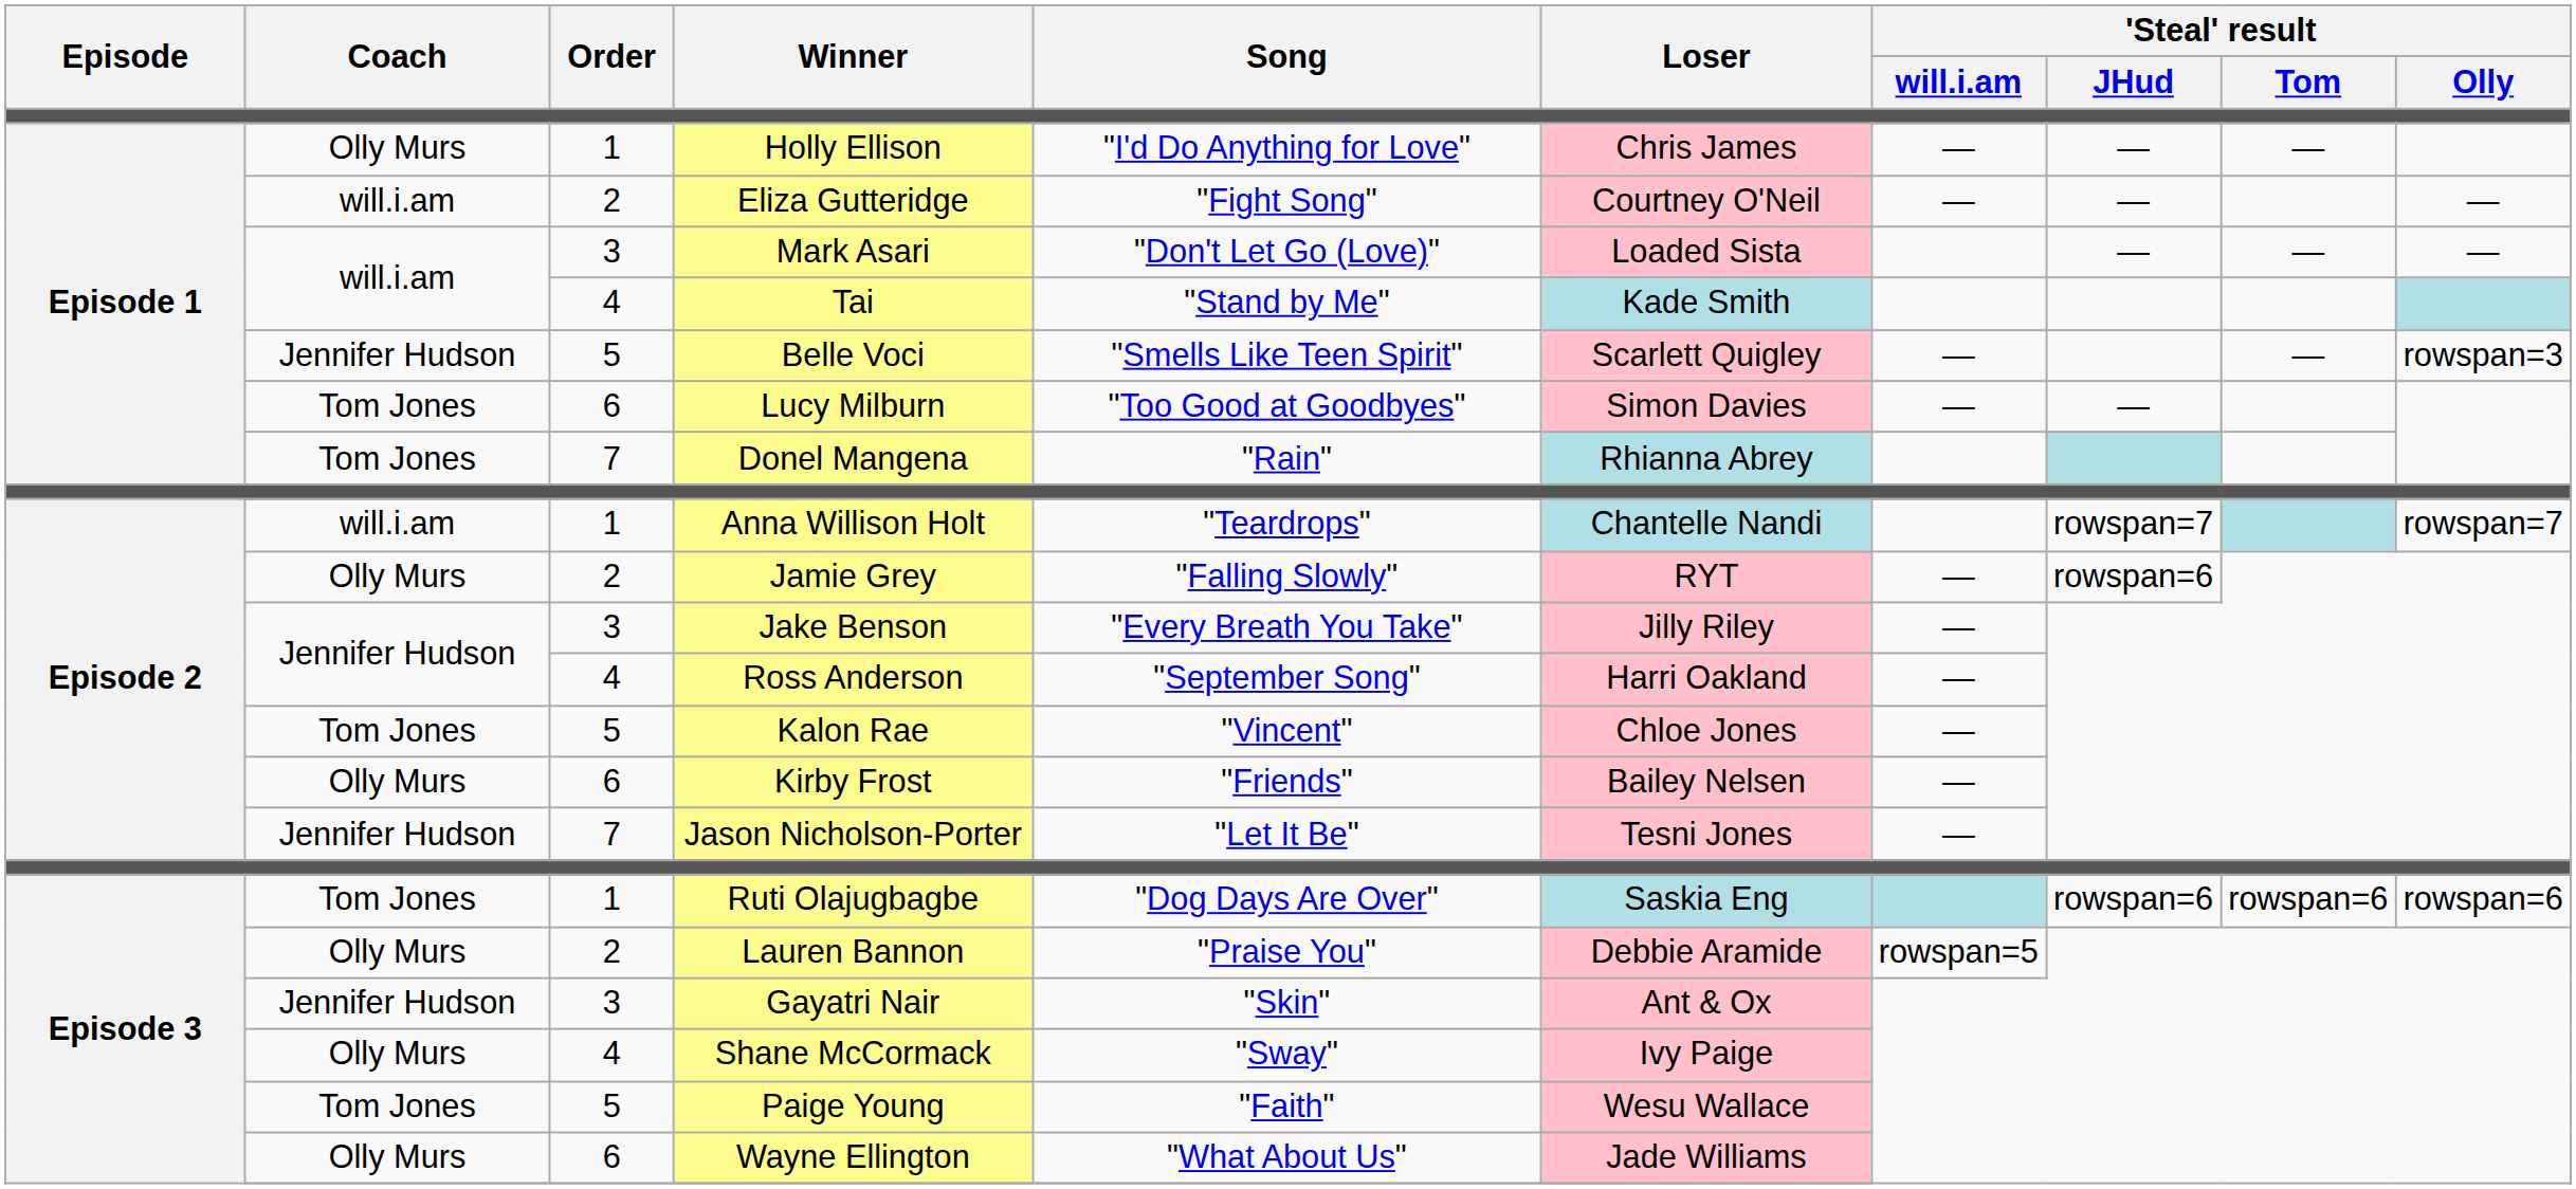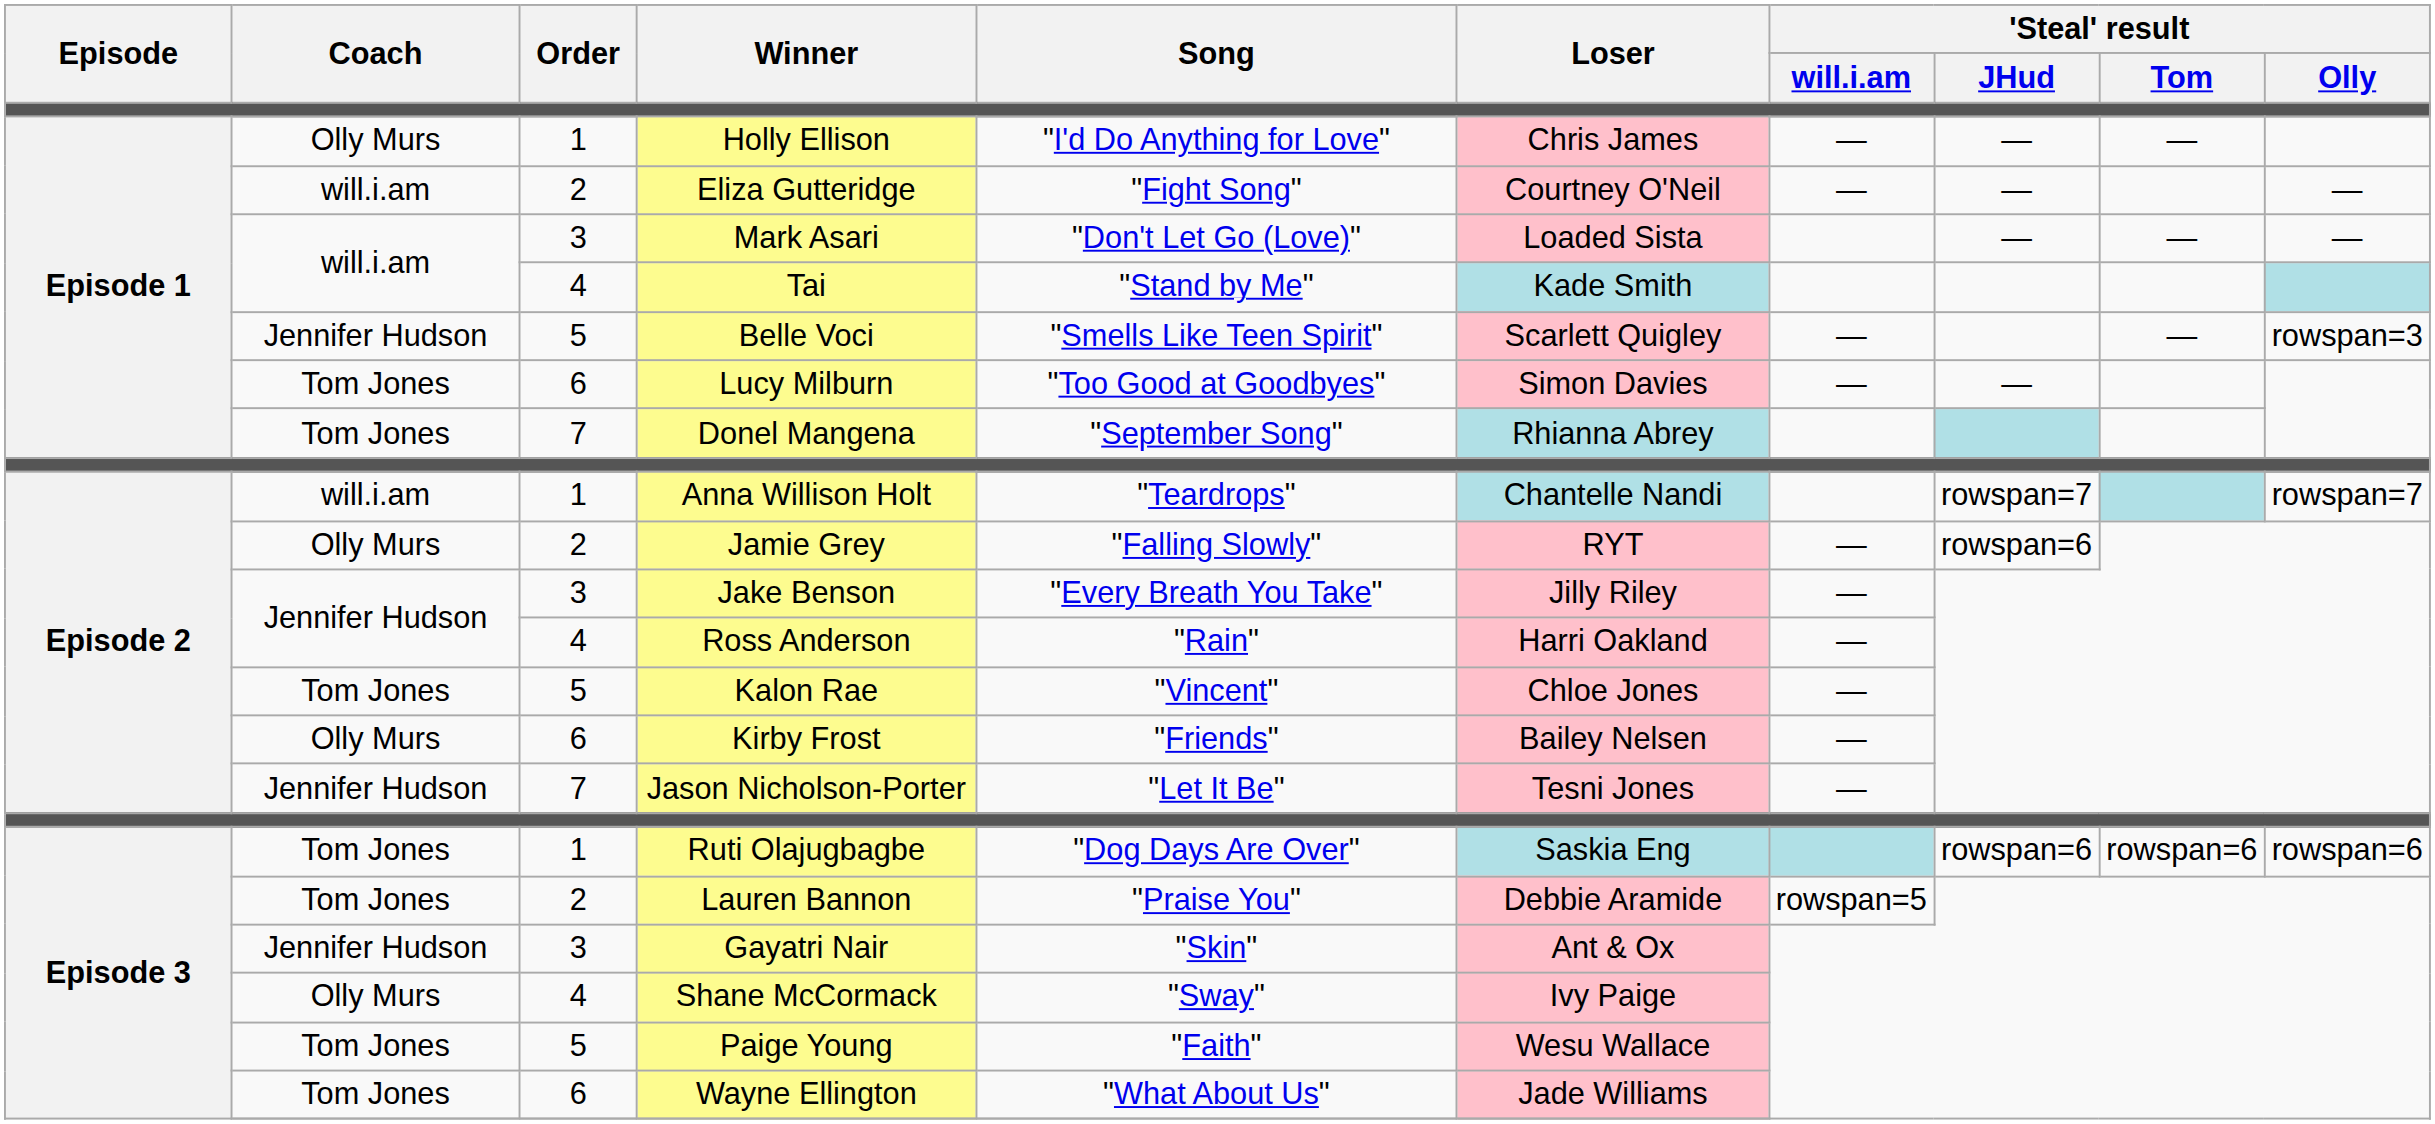 <table class="wikitable" style="text-align: center; width:100%;">
 <tr>
 <th rowspan="2" width="10%">Episode</th>
 <th rowspan="2" width="13%">Coach</th>
 <th rowspan="2" width="05%">Order</th>
 <th rowspan="2" width="15%">Winner</th>
 <th rowspan="2" width="22%">Song</th>
 <th rowspan="2" width="14%">Loser</th>
 <th colspan="4" width="20%">'Steal' result</th>
 </tr>
 <tr>
 <th style="width:05%;"><a href='#'>will.i.am</a></th>
 <th style="width:05%;"><a href='#'>JHud</a></th>
 <th style="width:05%;"><a href='#'>Tom</a></th>
 <th style="width:05%;"><a href='#'>Olly</a></th>
 </tr>
 <tr>
 <td colspan="10" style="background:#555555;"></td>
 </tr>
 <tr>
 <th rowspan="7">Episode 1<br><small></small></th>
 <td>Olly Murs</td>
 <td>1</td>
 <td style="background:#fdfc8f;text-align:center;">Holly Ellison</td>
 <td>"<a href='#'>I'd Do Anything for Love</a>"</td>
 <td style="background:pink;text-align:center;">Chris James</td>
 <td>—</td>
 <td>—</td>
 <td>—</td>
 <td></td>
 </tr>
 <tr>
 <td>will.i.am</td>
 <td>2</td>
 <td style="background:#fdfc8f;text-align:center;">Eliza Gutteridge</td>
 <td>"<a href='#'>Fight Song</a>"</td>
 <td style="background:pink;text-align:center;">Courtney O'Neil</td>
 <td>—</td>
 <td>—</td>
 <td></td>
 <td>—</td>
 </tr>
 <tr>
 <td rowspan=2>will.i.am</td>
 <td>3</td>
 <td style="background:#fdfc8f;text-align:center;">Mark Asari</td>
 <td>"<a href='#'>Don't Let Go (Love)</a>"</td>
 <td style="background:pink;text-align:center;">Loaded Sista</td>
 <td></td>
 <td>—</td>
 <td>—</td>
 <td>—</td>
 </tr>
 <tr>
 <td>4</td>
 <td style="background:#fdfc8f;text-align:center;">Tai</td>
 <td>"<a href='#'>Stand by Me</a>"</td>
 <td style="background:#b0e0e6;text-align:center;">Kade Smith</td>
 <td></td>
 <td><strong></strong></td>
 <td><strong></strong></td>
 <td style="background:#b0e0e6"><strong></strong></td>
 </tr>
 <tr>
 <td>Jennifer Hudson</td>
 <td>5</td>
 <td style="background:#fdfc8f;text-align:center;">Belle Voci</td>
 <td>"<a href='#'>Smells Like Teen Spirit</a>"</td>
 <td style="background:pink;text-align:center;">Scarlett Quigley</td>
 <td>—</td>
 <td></td>
 <td>—</td>
 <td>rowspan=3 </td>
 </tr>
 <tr>
 <td>Tom Jones</td>
 <td>6</td>
 <td style="background:#fdfc8f;text-align:center;">Lucy Milburn</td>
 <td>"<a href='#'>Too Good at Goodbyes</a>"</td>
 <td style="background:pink;text-align:center;">Simon Davies</td>
 <td>—</td>
 <td>—</td>
 <td></td>
 </tr>
 <tr>
 <td>Tom Jones</td>
 <td>7</td>
 <td style="background:#fdfc8f;text-align:center;">Donel Mangena</td>
-<td>"<a href='#'>Rain</a>"</td>
+<td>"<a href='#'>September Song</a>"</td>
 <td style="background:#b0e0e6;text-align:center;">Rhianna Abrey</td>
 <td></td>
 <td style="background:#b0e0e6"><strong></strong></td>
 <td><strong></strong></td>
 </tr>
 <tr>
 <td colspan="10" style="background:#555555;"></td>
 </tr>
 <tr>
 <th rowspan="7">Episode 2<br><small></small></th>
 <td>will.i.am</td>
 <td>1</td>
 <td style="background:#fdfc8f;text-align:center;">Anna Willison Holt</td>
 <td>"<a href='#'>Teardrops</a>"</td>
 <td style="background:#b0e0e6;text-align:center;">Chantelle Nandi</td>
 <td></td>
 <td>rowspan=7 </td>
 <td style="background:#b0e0e6"><strong></strong></td>
 <td>rowspan=7 </td>
 </tr>
 <tr>
 <td>Olly Murs</td>
 <td>2</td>
 <td style="background:#fdfc8f;text-align:center;">Jamie Grey</td>
 <td>"<a href='#'>Falling Slowly</a>"</td>
 <td style="background:pink;text-align:center;">RYT</td>
 <td>—</td>
 <td>rowspan=6 </td>
 </tr>
 <tr>
 <td rowspan=2>Jennifer Hudson</td>
 <td>3</td>
 <td style="background:#fdfc8f;text-align:center;">Jake Benson</td>
 <td>"<a href='#'>Every Breath You Take</a>"</td>
 <td style="background:pink;text-align:center;">Jilly Riley</td>
 <td>—</td>
 </tr>
 <tr>
 <td>4</td>
 <td style="background:#fdfc8f;text-align:center;">Ross Anderson</td>
-<td>"<a href='#'>September Song</a>"</td>
+<td>"<a href='#'>Rain</a>"</td>
 <td style="background:pink;text-align:center;">Harri Oakland</td>
 <td>—</td>
 </tr>
 <tr>
 <td>Tom Jones</td>
 <td>5</td>
 <td style="background:#fdfc8f;text-align:center;">Kalon Rae</td>
 <td>"<a href='#'>Vincent</a>"</td>
 <td style="background:pink;text-align:center;">Chloe Jones</td>
 <td>—</td>
 </tr>
 <tr>
 <td>Olly Murs</td>
 <td>6</td>
 <td style="background:#fdfc8f;text-align:center;">Kirby Frost</td>
 <td>"<a href='#'>Friends</a>"</td>
 <td style="background:pink;text-align:center;">Bailey Nelsen</td>
 <td>—</td>
 </tr>
 <tr>
 <td>Jennifer Hudson</td>
 <td>7</td>
 <td style="background:#fdfc8f;text-align:center;">Jason Nicholson-Porter</td>
 <td>"<a href='#'>Let It Be</a>"</td>
 <td style="background:pink;text-align:center;">Tesni Jones</td>
 <td>—</td>
 </tr>
 <tr>
 <td colspan="10" style="background:#555555;"></td>
 </tr>
 <tr>
 <th rowspan="7">Episode 3<br><small></small></th>
 <td>Tom Jones</td>
 <td>1</td>
 <td style="background:#fdfc8f;text-align:center;">Ruti Olajugbagbe</td>
 <td>"<a href='#'>Dog Days Are Over</a>"</td>
 <td style="background:#b0e0e6;text-align:center;">Saskia Eng</td>
 <td style="background:#b0e0e6;"><strong></strong></td>
 <td>rowspan=6 </td>
 <td>rowspan=6 </td>
 <td>rowspan=6 </td>
 </tr>
 <tr>
-<td>Olly Murs</td>
+<td>Tom Jones</td>
 <td>2</td>
 <td style="background:#fdfc8f;text-align:center;">Lauren Bannon</td>
 <td>"<a href='#'>Praise You</a>"</td>
 <td style="background:pink;text-align:center;">Debbie Aramide</td>
 <td>rowspan=5 </td>
 </tr>
 <tr>
 <td>Jennifer Hudson</td>
 <td>3</td>
 <td style="background:#fdfc8f;text-align:center;">Gayatri Nair</td>
 <td>"<a href='#'>Skin</a>"</td>
 <td style="background:pink;text-align:center;">Ant & Ox</td>
 </tr>
 <tr>
 <td>Olly Murs</td>
 <td>4</td>
 <td style="background:#fdfc8f;text-align:center;">Shane McCormack</td>
 <td>"<a href='#'>Sway</a>"</td>
 <td style="background:pink;text-align:center;">Ivy Paige</td>
 </tr>
 <tr>
 <td>Tom Jones</td>
 <td>5</td>
 <td style="background:#fdfc8f;text-align:center;">Paige Young</td>
 <td>"<a href='#'>Faith</a>"</td>
 <td style="background:pink;text-align:center;">Wesu Wallace</td>
 </tr>
 <tr>
-<td>Olly Murs</td>
+<td>Tom Jones</td>
 <td>6</td>
 <td style="background:#fdfc8f;text-align:center;">Wayne Ellington</td>
 <td>"<a href='#'>What About Us</a>"</td>
 <td style="background:pink;text-align:center;">Jade Williams</td>
 </tr>
 <tr>
 </tr>
 </table>
